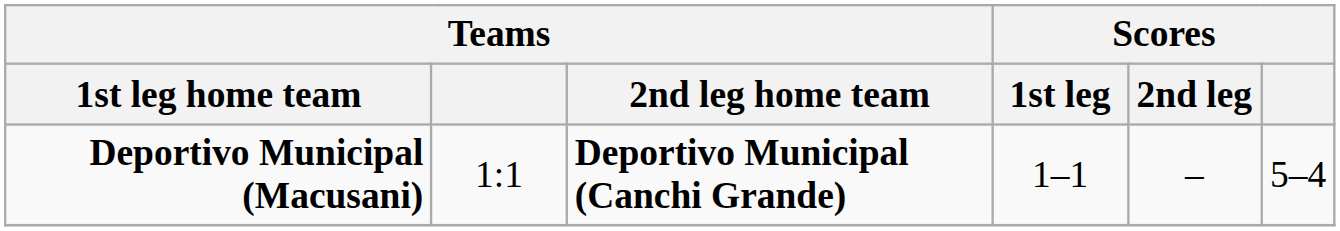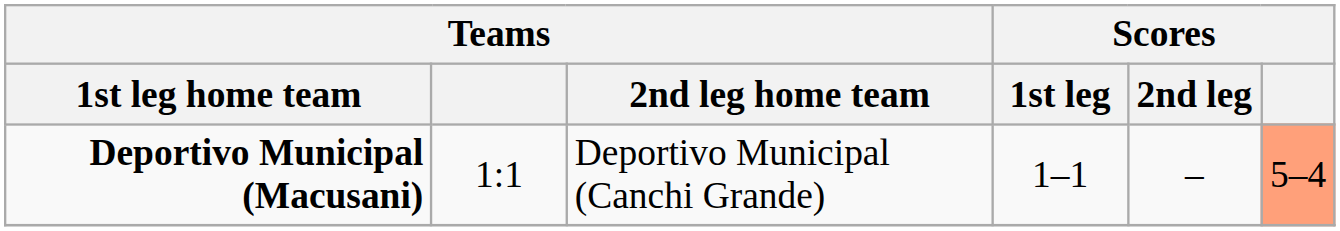 <table class="wikitable" style="text-align: center;">
 <tr>
 <th colspan=3>Teams</th>
 <th colspan=3>Scores</th>
 </tr>
 <tr>
 <th width="175">1st leg home team</th>
 <th width="50"></th>
 <th width="175">2nd leg home team</th>
 <th width="50">1st leg</th>
 <th width="50">2nd leg</th>
 <th></th>
 </tr>
 <tr>
 <td align=right><strong>Deportivo Municipal (Macusani)</strong></td>
 <td>1:1</td>
-<td align=left><strong>Deportivo Municipal (Canchi Grande)</strong></td>
+<td align=left>Deportivo Municipal (Canchi Grande)</td>
 <td>1–1</td>
 <td>–</td>
-<td>5–4</td>
+<td style="background: lightsalmon;">5–4</td>
 </tr>
 <tr>
 </tr>
 </table>
